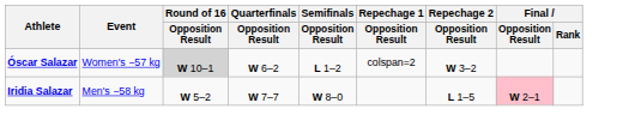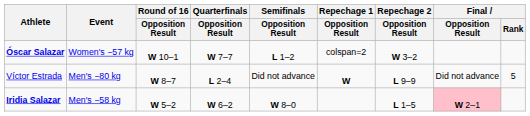 <table class="wikitable" style="font-size:90%;">
 <tr>
 <th rowspan=2>Athlete</th>
 <th rowspan=2>Event</th>
 <th>Round of 16</th>
 <th>Quarterfinals</th>
 <th>Semifinals</th>
 <th>Repechage 1</th>
 <th>Repechage 2</th>
 <th colspan=2>Final / </th>
 </tr>
 <tr style="font-size:95%">
 <th>Opposition<br>Result</th>
 <th>Opposition<br>Result</th>
 <th>Opposition<br>Result</th>
 <th>Opposition<br>Result</th>
 <th>Opposition<br>Result</th>
 <th>Opposition<br>Result</th>
 <th>Rank</th>
 </tr>
 <tr align=center>
 <td align=left><strong><a href='#'>Óscar Salazar</a></strong></td>
 <td align=left><a href='#'>Women's −57 kg</a></td>
-<td style="background: lightgrey;"><br><strong>W</strong> 10–1</td>
-<td><br><strong>W</strong> 6–2</td>
+<td><br><strong>W</strong> 10–1</td>
+<td><br><strong>W</strong> 7–7 </td>
 <td><br><strong>L</strong> 1–2</td>
 <td>colspan=2 </td>
 <td><br><strong>W</strong> 3–2</td>
 <td></td>
 </tr>
 <tr align=center>
+<td align=left><a href='#'>Víctor Estrada</a></td>
+<td align=left><a href='#'>Men's −80 kg</a></td>
+<td><br><strong>W</strong> 8–7</td>
+<td><br><strong>L</strong> 2–4</td>
+<td>Did not advance</td>
+<td><br><strong>W</strong> </td>
+<td><br><strong>L</strong> 9–9 </td>
+<td>Did not advance</td>
+<td>5</td>
+</tr>
+<tr align=center>
 <td align=left><strong><a href='#'>Iridia Salazar</a></strong></td>
 <td align=left><a href='#'>Men's −58 kg</a></td>
 <td><br><strong>W</strong> 5–2</td>
-<td><br><strong>W</strong> 7–7 </td>
+<td><br><strong>W</strong> 6–2</td>
 <td><br><strong>W</strong> 8–0</td>
 <td></td>
 <td><br><strong>L</strong> 1–5</td>
 <td style="background: pink;"><br><strong>W</strong> 2–1</td>
 <td></td>
 </tr>
 </table>
